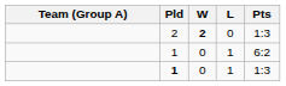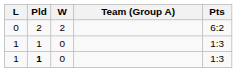 <table class="wikitable" style="text-align:center">
 <tr>
-<th width=200>Team (Group A)</th>
+<th width=30>L</th>
 <th width=30>Pld</th>
 <th width=30>W</th>
-<th width=30>L</th>
+<th width=200>Team (Group A)</th>
 <th width=40>Pts</th>
 </tr>
 <tr>
+<td>0</td>
+<td>2</td>
+<td>2</td>
 <td style="text-align:left;"></td>
-<td>2</td>
-<td><strong>2</strong></td>
+<td>6:2</td>
+</tr>
+<tr>
+<td>1</td>
+<td>1</td>
 <td>0</td>
+<td style="text-align:left;"></td>
 <td>1:3</td>
 </tr>
 <tr>
-<td style="text-align:left;"></td>
 <td>1</td>
-<td>0</td>
-<td>1</td>
-<td>6:2</td>
-</tr>
-<tr>
-<td style="text-align:left;"></td>
 <td><strong>1</strong></td>
 <td>0</td>
-<td>1</td>
+<td style="text-align:left;"></td>
 <td>1:3</td>
 </tr>
 </table>
